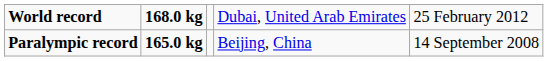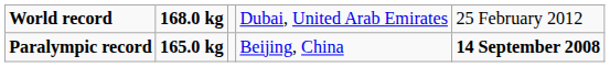 <table class="wikitable">
 <tr>
 <td><strong>World record</strong></td>
 <td><strong>168.0 kg</strong></td>
 <td></td>
 <td><a href='#'>Dubai</a>, <a href='#'>United Arab Emirates</a></td>
 <td>25 February 2012</td>
 </tr>
 <tr>
 <td><strong>Paralympic record</strong></td>
 <td><strong>165.0 kg</strong></td>
 <td></td>
 <td><a href='#'>Beijing</a>, <a href='#'>China</a></td>
-<td>14 September 2008</td>
+<td><strong>14 September 2008</strong></td>
 </tr>
 </table>
